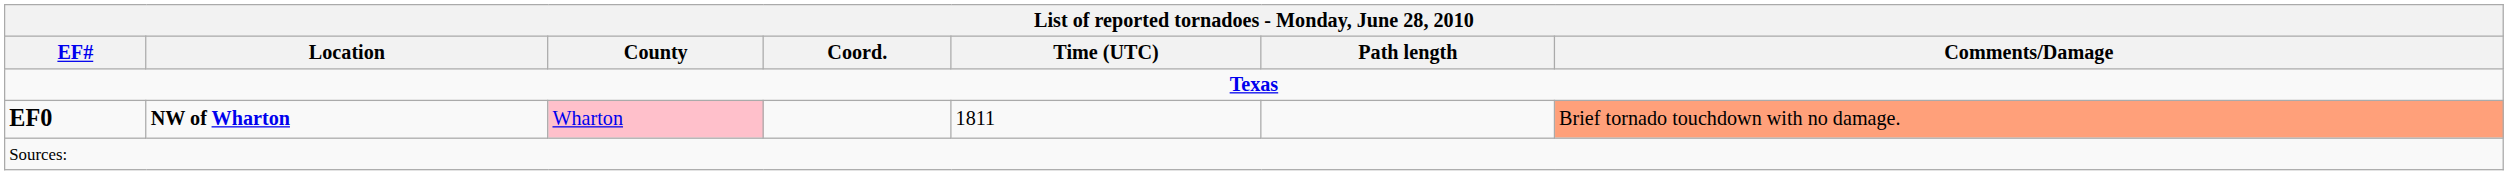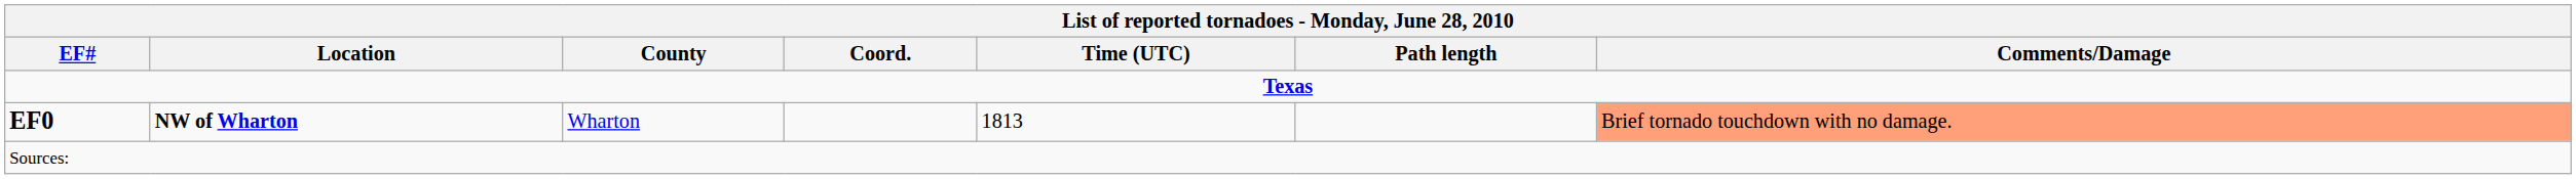 <table class="wikitable collapsible" width="100%">
 <tr>
 <th colspan="7">List of reported tornadoes - Monday, June 28, 2010</th>
 </tr>
 <tr>
 <th><a href='#'>EF#</a></th>
 <th>Location</th>
 <th>County</th>
 <th>Coord.</th>
 <th>Time (UTC)</th>
 <th>Path length</th>
 <th>Comments/Damage</th>
 </tr>
 <tr>
 <td colspan="7" align=center><strong><a href='#'>Texas</a></strong></td>
 </tr>
 <tr>
 <td><big><strong>EF0</strong></big></td>
 <td><strong>NW of <a href='#'>Wharton</a></strong></td>
-<td style="background: pink;"><a href='#'>Wharton</a></td>
+<td><a href='#'>Wharton</a></td>
 <td></td>
-<td>1811</td>
+<td>1813</td>
 <td></td>
 <td style="background: lightsalmon;">Brief tornado touchdown with no damage.</td>
 </tr>
 <tr>
 <td colspan="7"><small>Sources: </small></td>
 </tr>
 </table>
